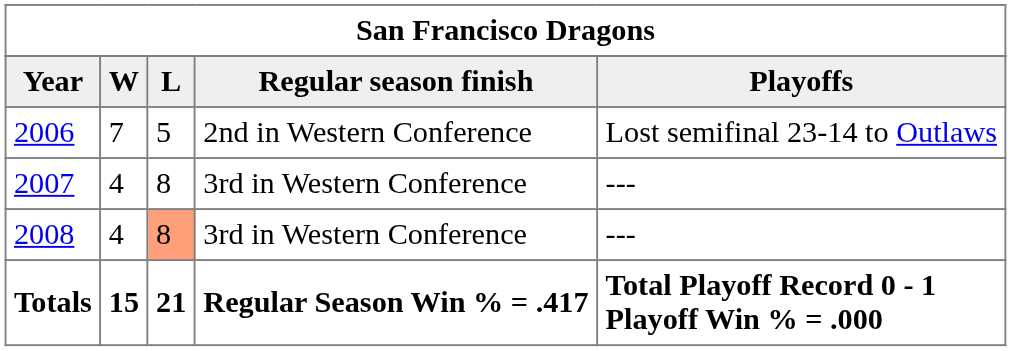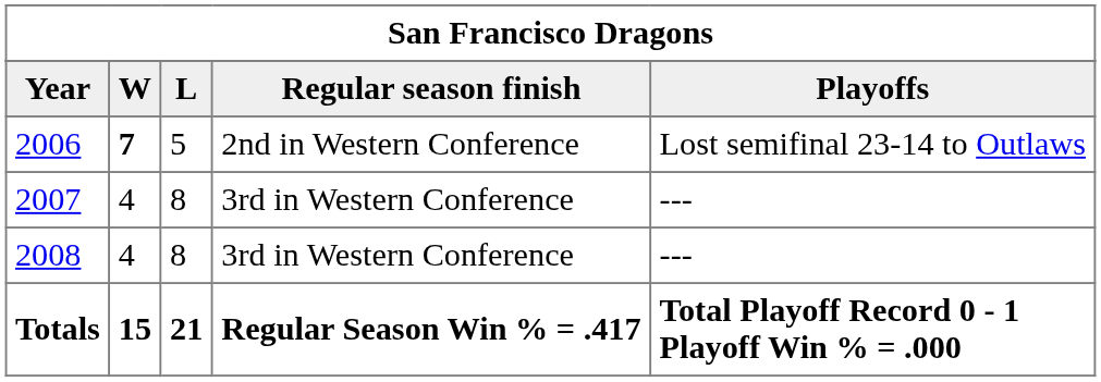 <table class="toccolours" border="1" cellpadding="4" cellspacing="2" style="margin:1em auto; border-collapse: collapse;">
 <tr>
 <td colspan="5" align="center"><strong>San Francisco Dragons</strong></td>
 </tr>
 <tr>
 </tr>
 <tr bgcolor="#efefef">
 <th>Year</th>
 <th>W</th>
 <th>L</th>
 <th>Regular season finish</th>
 <th>Playoffs</th>
 </tr>
 <tr>
 <td><a href='#'>2006</a></td>
-<td>7</td>
+<td><strong>7</strong></td>
 <td>5</td>
 <td>2nd in Western Conference</td>
 <td>Lost semifinal 23-14 to <a href='#'>Outlaws</a></td>
 </tr>
 <tr>
 <td><a href='#'>2007</a></td>
 <td>4</td>
 <td>8</td>
 <td>3rd in Western Conference</td>
 <td>---</td>
 </tr>
 <tr>
 <td><a href='#'>2008</a></td>
 <td>4</td>
-<td style="background: lightsalmon;">8</td>
+<td>8</td>
 <td>3rd in Western Conference</td>
 <td>---</td>
 </tr>
 <tr>
 <td><strong>Totals</strong></td>
 <td><strong>15</strong></td>
 <td><strong>21</strong></td>
 <td><strong>Regular Season Win % = .417</strong></td>
 <td><strong>Total Playoff Record 0 - 1</strong> <br> <strong>Playoff Win % = .000</strong></td>
 </tr>
 </table>
